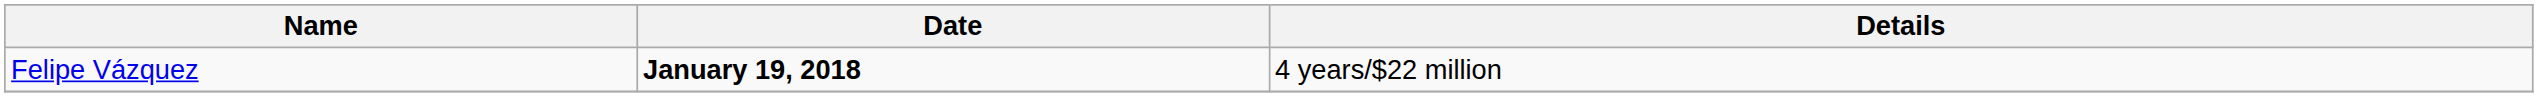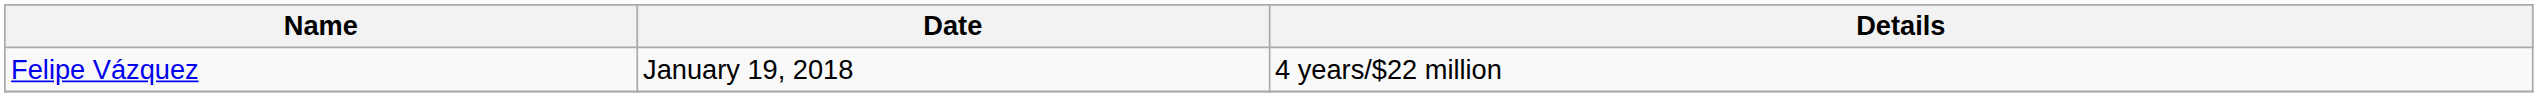 <table class="wikitable" style="width:75%;">
 <tr style="text-align:center; background:#ddd;">
 <th style="width:25%;">Name</th>
 <th style="width:25%;">Date</th>
 <th style="width:50%;">Details</th>
 </tr>
 <tr>
 <td><a href='#'>Felipe Vázquez</a></td>
-<td><strong>January 19, 2018</strong></td>
+<td>January 19, 2018</td>
 <td>4 years/$22 million</td>
 </tr>
 <tr>
 </tr>
 </table>
